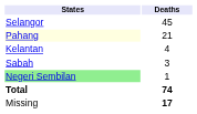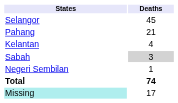 <table class="toccolours" style="font-size:88%; float:right; clear:right; margin:0.5em 0 0.5em 1em; width:20em;">
 <tr style="padding: 0; margin: 0">
 <td colspan="6" style="padding: 0; margin: 0"></td>
 </tr>
 <tr style="font-size:80%;background:lavender">
 <th>States</th>
 <th>Deaths</th>
 </tr>
 <tr>
 <td align="left"><a href='#'>Selangor</a></td>
 <td style="text-align:center;">45</td>
 </tr>
 <tr>
-<td align="left" style="background: lightyellow;"><a href='#'>Pahang</a></td>
+<td align="left"><a href='#'>Pahang</a></td>
 <td style="text-align:center;">21</td>
 </tr>
 <tr>
 <td align="left"><a href='#'>Kelantan</a></td>
 <td style="text-align:center;">4</td>
 </tr>
 <tr>
 <td align="left"><a href='#'>Sabah</a></td>
-<td style="text-align:center;">3</td>
+<td style="background: lightgrey; text-align:center;">3</td>
 </tr>
 <tr>
-<td align="left" style="background: lightgreen;"><a href='#'>Negeri Sembilan</a></td>
+<td align="left"><a href='#'>Negeri Sembilan</a></td>
 <td style="text-align:center;">1</td>
 </tr>
 <tr>
 <td align="left"><strong>Total</strong></td>
 <td style="text-align:center;"><strong>74</strong></td>
 </tr>
 <tr style="padding: 0; margin: 0">
-<td align="left">Missing</td>
-<td style="text-align:center;"><strong>17</strong></td>
+<td align="left" style="background: paleturquoise;">Missing</td>
+<td style="text-align:center;">17</td>
 </tr>
 <tr>
 <td colspan="6" style="padding: 0; margin: 0"></td>
 </tr>
 </table>
